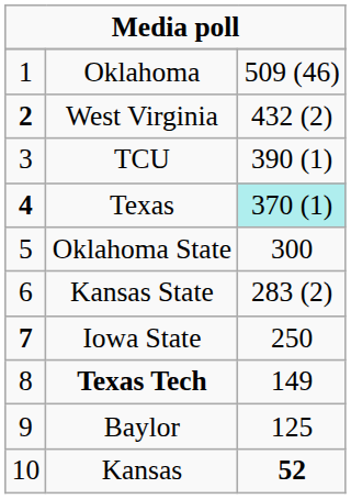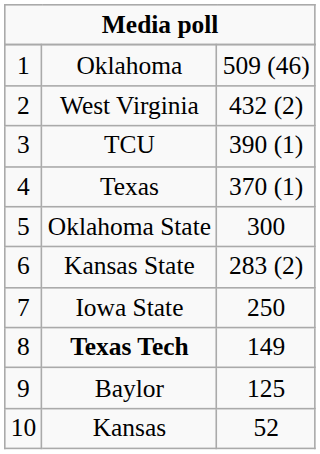 <table class="wikitable">
 <tr align="center">
 <td align="center" Colspan="3"><strong>Media poll</strong></td>
 </tr>
 <tr align="center">
 </tr>
 <tr align="center">
 <td>1</td>
 <td>Oklahoma</td>
 <td>509 (46)</td>
 </tr>
 <tr align="center">
-<td><strong>2</strong></td>
+<td>2</td>
 <td>West Virginia</td>
 <td>432 (2)</td>
 </tr>
 <tr align="center">
 <td>3</td>
 <td>TCU</td>
 <td>390 (1)</td>
 </tr>
 <tr align="center">
-<td><strong>4</strong></td>
+<td>4</td>
 <td>Texas</td>
-<td style="background: paleturquoise;">370 (1)</td>
+<td>370 (1)</td>
 </tr>
 <tr align="center">
 <td>5</td>
 <td>Oklahoma State</td>
 <td>300</td>
 </tr>
 <tr align="center">
 <td>6</td>
 <td>Kansas State</td>
 <td>283 (2)</td>
 </tr>
 <tr align="center">
-<td><strong>7</strong></td>
+<td>7</td>
 <td>Iowa State</td>
 <td>250</td>
 </tr>
 <tr align="center">
 <td>8</td>
 <td><strong>Texas Tech</strong></td>
 <td>149</td>
 </tr>
 <tr align="center">
 <td>9</td>
 <td>Baylor</td>
 <td>125</td>
 </tr>
 <tr align="center">
 <td>10</td>
 <td>Kansas</td>
-<td><strong>52</strong></td>
+<td>52</td>
 </tr>
 </table>
